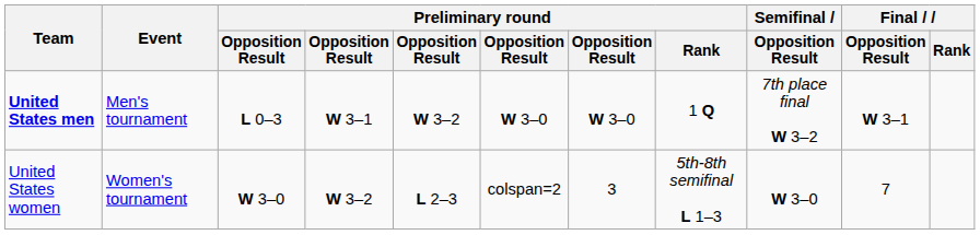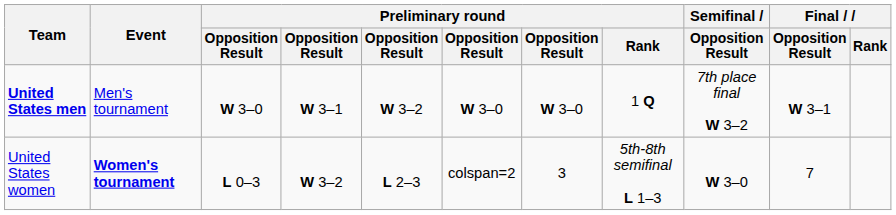 <table class=wikitable style=font-size:90%;text-align:center>
 <tr>
 <th rowspan=2>Team</th>
 <th rowspan=2>Event</th>
 <th colspan=6>Preliminary round</th>
 <th>Semifinal / </th>
 <th colspan=2>Final /  / </th>
 </tr>
 <tr style=font-size:95%>
 <th>Opposition<br>Result</th>
 <th>Opposition<br>Result</th>
 <th>Opposition<br>Result</th>
 <th>Opposition<br>Result</th>
 <th>Opposition<br>Result</th>
 <th>Rank</th>
 <th>Opposition<br>Result</th>
 <th>Opposition<br>Result</th>
 <th>Rank</th>
 </tr>
 <tr>
 <td align=left><strong><a href='#'>United States men</a></strong></td>
 <td align=left><a href='#'>Men's tournament</a></td>
-<td><br><strong>L</strong> 0–3</td>
+<td><br><strong>W</strong> 3–0</td>
 <td><br><strong>W</strong> 3–1</td>
 <td><br><strong>W</strong> 3–2</td>
 <td><br><strong>W</strong> 3–0</td>
 <td><br><strong>W</strong> 3–0</td>
 <td>1 <strong>Q</strong></td>
 <td><em>7th place final</em><br><br><strong>W</strong> 3–2</td>
 <td><br><strong>W</strong> 3–1</td>
 <td></td>
 </tr>
 <tr>
 <td align=left><a href='#'>United States women</a></td>
-<td align=left><a href='#'>Women's tournament</a></td>
-<td><br><strong>W</strong> 3–0</td>
+<td align=left><strong><a href='#'>Women's tournament</a></strong></td>
+<td><br><strong>L</strong> 0–3</td>
 <td><br><strong>W</strong> 3–2</td>
 <td><br><strong>L</strong> 2–3</td>
 <td>colspan=2 </td>
 <td>3</td>
 <td><em>5th-8th semifinal</em><br><br><strong>L</strong> 1–3</td>
 <td><br><strong>W</strong> 3–0</td>
 <td>7</td>
 </tr>
 </table>
